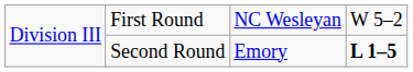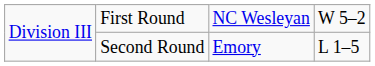 <table class="wikitable">
 <tr>
 <td rowspan="5"><a href='#'>Division III</a></td>
 <td>First Round</td>
 <td><a href='#'>NC Wesleyan</a></td>
 <td>W 5–2</td>
 </tr>
 <tr>
 <td>Second Round</td>
 <td><a href='#'>Emory</a></td>
-<td><strong>L 1–5</strong></td>
+<td>L 1–5</td>
 </tr>
 </table>
